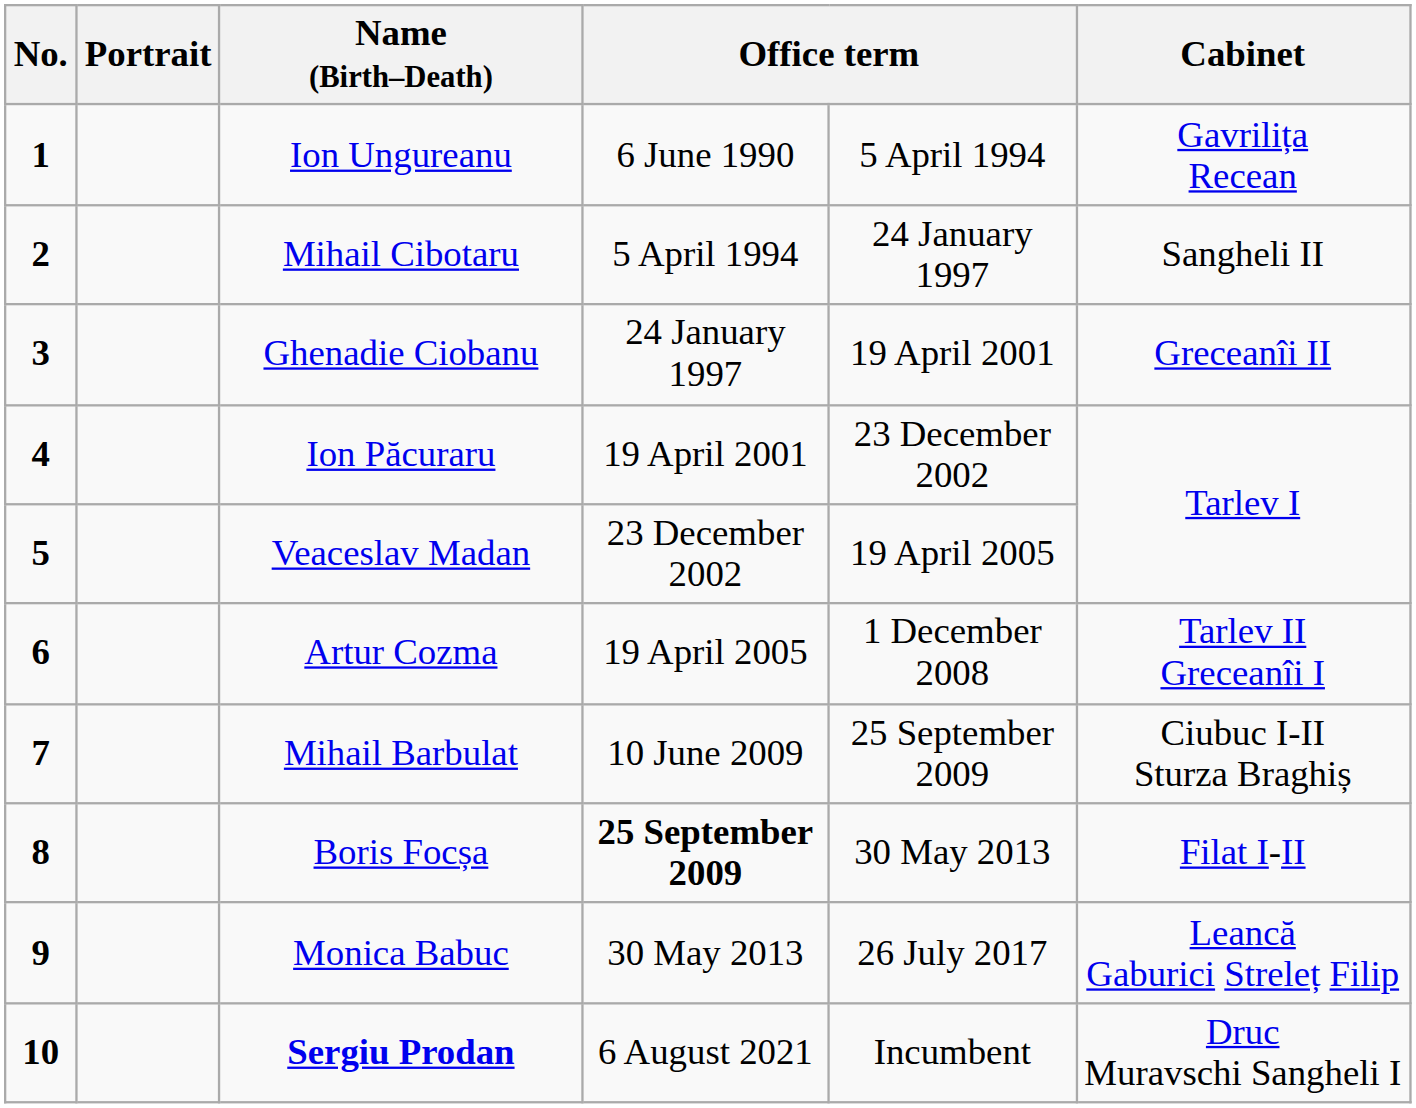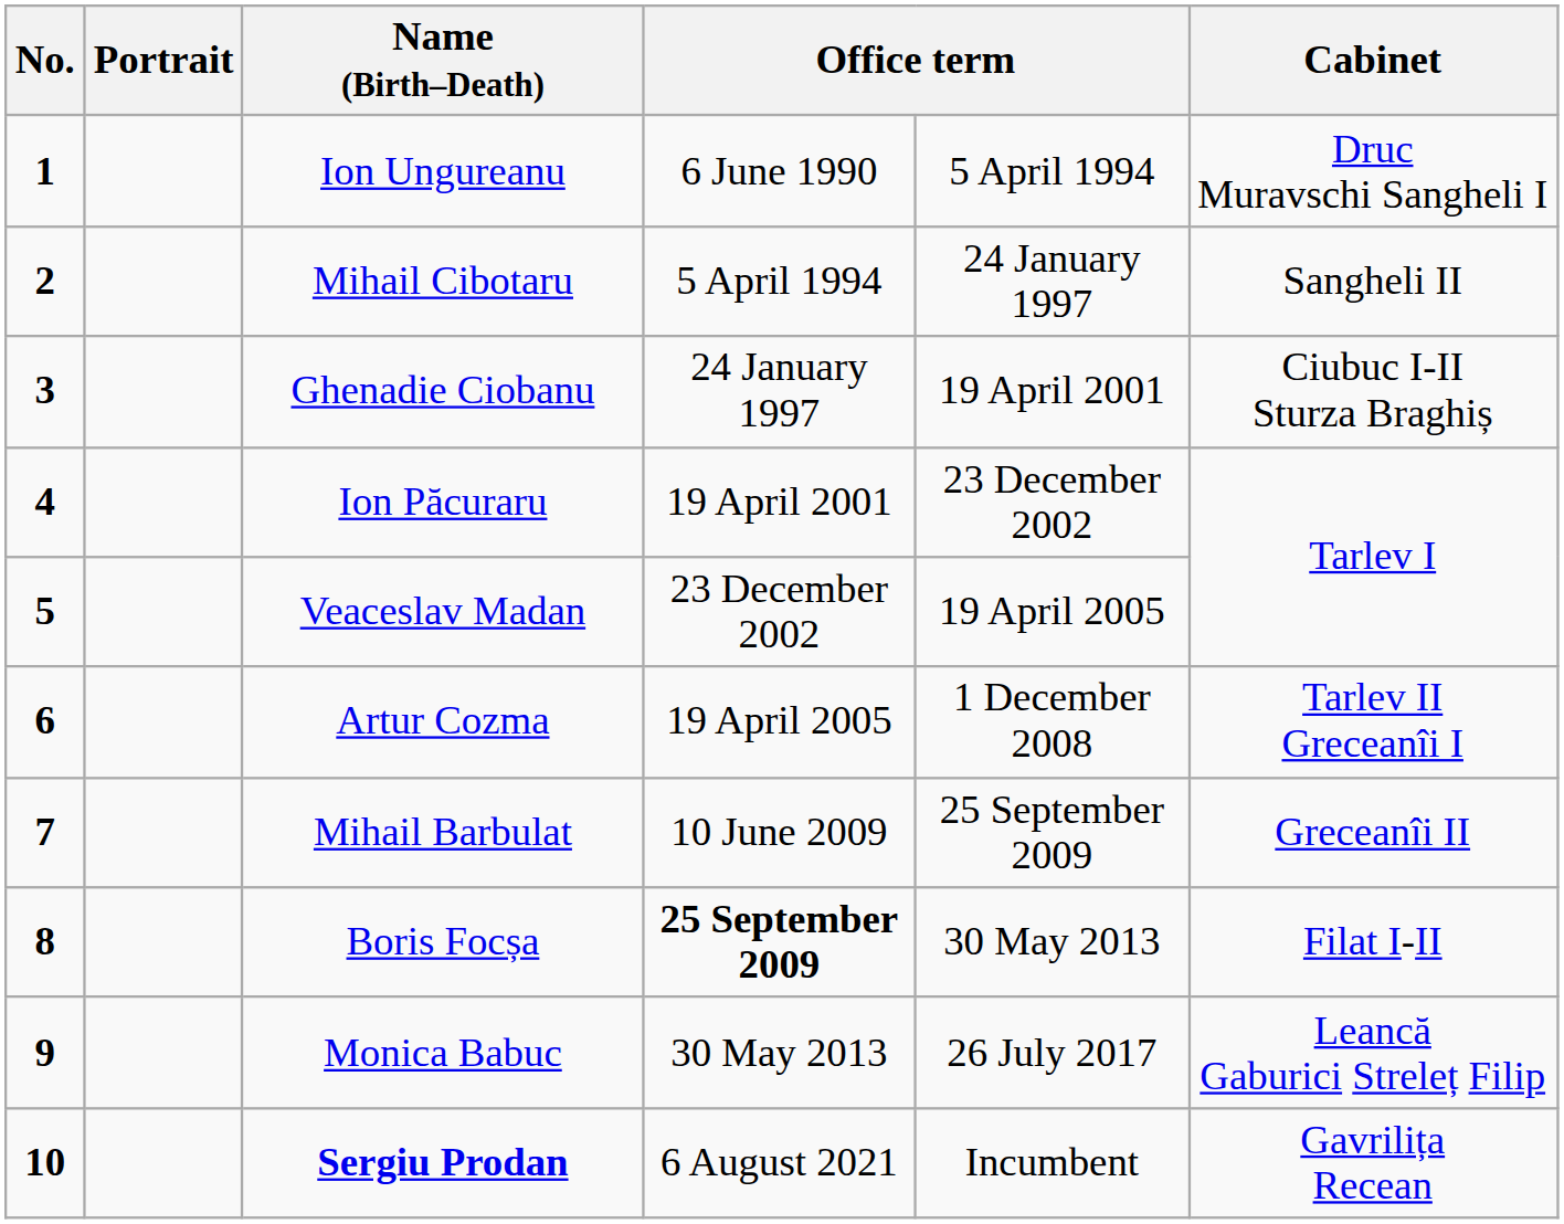 <table class="wikitable" style="text-align:center;">
 <tr>
 <th>No.</th>
 <th scope="col">Portrait</th>
 <th scope="col">Name<br><small>(Birth–Death)</small></th>
 <th colspan="2" scope="col">Office term</th>
 <th>Cabinet</th>
 </tr>
 <tr>
 <td><strong>1</strong></td>
 <td></td>
 <td width="150" style="text-align: center;"><a href='#'>Ion Ungureanu</a><br></td>
 <td width="100" style="text-align: center;">6 June 1990</td>
 <td width="100" style="text-align: center;">5 April 1994</td>
-<td><a href='#'>Gavrilița</a><br><a href='#'>Recean</a></td>
+<td><a href='#'>Druc</a><br>Muravschi Sangheli I</td>
 </tr>
 <tr>
 <td><strong>2</strong></td>
 <td></td>
 <td width="150" style="text-align: center;"><a href='#'>Mihail Cibotaru</a><br></td>
 <td width="100" style="text-align: center;">5 April 1994</td>
 <td width="100" style="text-align: center;">24 January 1997</td>
 <td>Sangheli II</td>
 </tr>
 <tr>
 <td><strong>3</strong></td>
 <td></td>
 <td width="150" style="text-align: center;"><a href='#'>Ghenadie Ciobanu</a><br></td>
 <td width="100" style="text-align: center;">24 January 1997</td>
 <td width="100" style="text-align: center;">19 April 2001</td>
-<td><a href='#'>Greceanîi II</a></td>
+<td>Ciubuc I-II<br>Sturza Braghiș</td>
 </tr>
 <tr>
 <td><strong>4</strong></td>
 <td></td>
 <td width="150" style="text-align: center;"><a href='#'>Ion Păcuraru</a><br></td>
 <td width="100" style="text-align: center;">19 April 2001</td>
 <td width="100" style="text-align: center;">23 December 2002</td>
 <td rowspan="2"><a href='#'>Tarlev I</a></td>
 </tr>
 <tr>
 <td><strong>5</strong></td>
 <td></td>
 <td width="150" style="text-align: center;"><a href='#'>Veaceslav Madan</a><br></td>
 <td width="100" style="text-align: center;">23 December 2002</td>
 <td width="100" style="text-align: center;">19 April 2005</td>
 </tr>
 <tr>
 <td><strong>6</strong></td>
 <td></td>
 <td width="150" style="text-align: center;"><a href='#'>Artur Cozma</a><br></td>
 <td width="100" style="text-align: center;">19 April 2005</td>
 <td width="100" style="text-align: center;">1 December 2008</td>
 <td><a href='#'>Tarlev II</a><br><a href='#'>Greceanîi I</a></td>
 </tr>
 <tr>
 <td><strong>7</strong></td>
 <td></td>
 <td width="150" style="text-align: center;"><a href='#'>Mihail Barbulat</a><br></td>
 <td width="100" style="text-align: center;">10 June 2009</td>
 <td width="100" style="text-align: center;">25 September 2009</td>
-<td>Ciubuc I-II<br>Sturza Braghiș</td>
+<td><a href='#'>Greceanîi II</a></td>
 </tr>
 <tr>
 <td><strong>8</strong></td>
 <td></td>
 <td width="150" style="text-align: center;"><a href='#'>Boris Focșa</a><br></td>
 <td width="100" style="text-align: center;"><strong>25 September 2009</strong></td>
 <td width="100" style="text-align: center;">30 May 2013</td>
 <td><a href='#'>Filat I</a>-<a href='#'>II</a></td>
 </tr>
 <tr>
 <td><strong>9</strong></td>
 <td></td>
 <td width="150" style="text-align: center;"><a href='#'>Monica Babuc</a><br></td>
 <td width="100" style="text-align: center;">30 May 2013</td>
 <td width="100" style="text-align: center;">26 July 2017</td>
 <td><a href='#'>Leancă</a><br><a href='#'>Gaburici</a> <a href='#'>Streleț</a> <a href='#'>Filip</a></td>
 </tr>
 <tr>
 <td><strong>10</strong></td>
 <td></td>
 <td width="150" style="text-align: center;"><strong><a href='#'>Sergiu Prodan</a></strong><br></td>
 <td width="100" style="text-align: center;">6 August 2021</td>
 <td width="100" style="text-align: center;">Incumbent</td>
-<td><a href='#'>Druc</a><br>Muravschi Sangheli I</td>
+<td><a href='#'>Gavrilița</a><br><a href='#'>Recean</a></td>
 </tr>
 </table>
